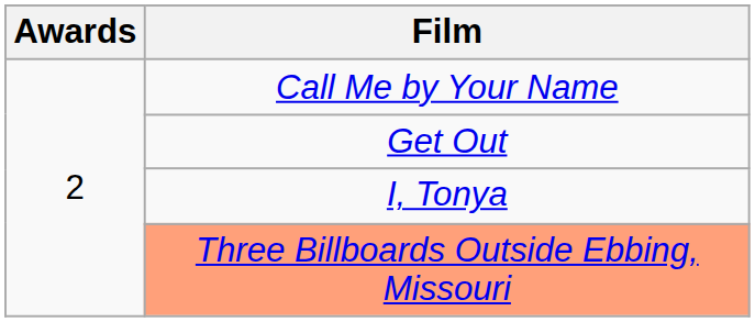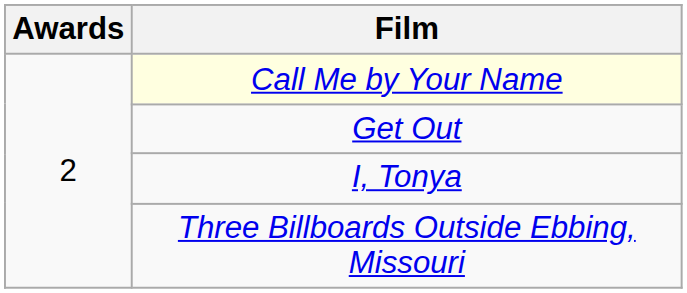 <table class="wikitable" rowspan=2 border=2 style="text-align:center;">
 <tr>
 <th scope="col" width="50">Awards</th>
 <th scope="col" width="275">Film</th>
 </tr>
 <tr>
 <td rowspan=4 style="text-align:center;">2</td>
-<td><em><a href='#'>Call Me by Your Name</a></em></td>
+<td style="background: lightyellow;"><em><a href='#'>Call Me by Your Name</a></em></td>
 </tr>
 <tr>
 <td><em><a href='#'>Get Out</a></em></td>
 </tr>
 <tr>
 <td><em><a href='#'>I, Tonya</a></em></td>
 </tr>
 <tr>
-<td style="background: lightsalmon;"><em><a href='#'>Three Billboards Outside Ebbing, Missouri</a></em></td>
+<td><em><a href='#'>Three Billboards Outside Ebbing, Missouri</a></em></td>
 </tr>
 </table>
